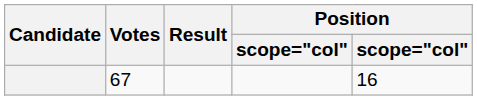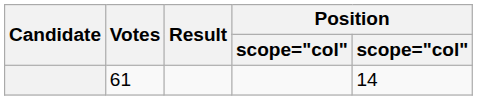 <table class="wikitable sortable defaultright col3left">
 <tr>
 <th scope="col" rowspan="2">Candidate</th>
 <th scope="col" rowspan="2">Votes</th>
 <th scope="col" rowspan="2">Result</th>
 <th scope="col" colspan="2">Position</th>
 </tr>
 <tr>
 <th>scope="col" </th>
 <th>scope="col" </th>
 </tr>
 <tr>
 <th scope="row"></th>
-<td>67</td>
+<td>61</td>
 <td></td>
 <td></td>
-<td>16</td>
+<td>14</td>
 </tr>
 </table>
